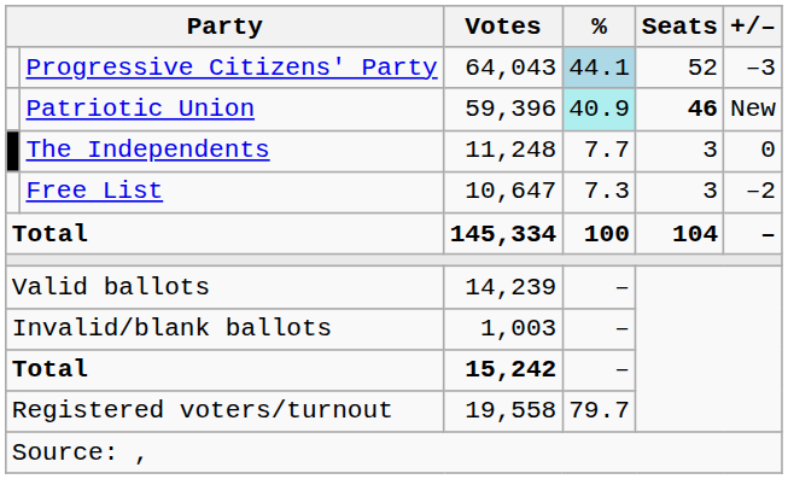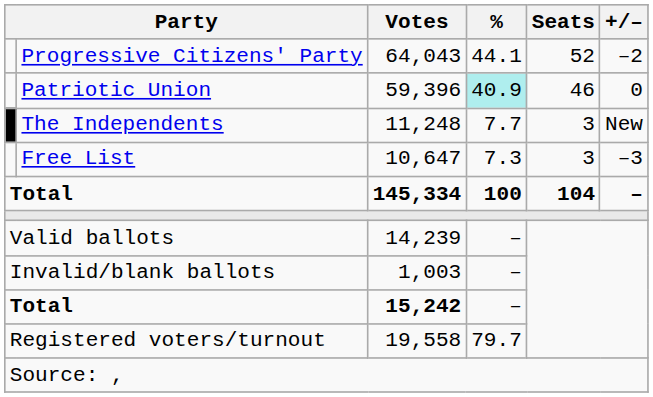 <table class="wikitable" style="text-align:right">
 <tr>
 <th colspan="2">Party</th>
 <th>Votes</th>
 <th>%</th>
 <th>Seats</th>
 <th>+/–</th>
 </tr>
 <tr>
 <td></td>
 <td align="left"><a href='#'>Progressive Citizens' Party</a></td>
 <td>64,043</td>
-<td style="background: lightblue;">44.1</td>
+<td>44.1</td>
 <td>52</td>
-<td>–3</td>
+<td>–2</td>
 </tr>
 <tr>
 <td></td>
 <td align="left"><a href='#'>Patriotic Union</a></td>
 <td>59,396</td>
 <td style="background: paleturquoise;">40.9</td>
-<td><strong>46</strong></td>
-<td>New</td>
+<td>46</td>
+<td>0</td>
 </tr>
 <tr>
 <td bgcolor="black" width="1"></td>
 <td align="left"><a href='#'>The Independents</a></td>
 <td>11,248</td>
 <td>7.7</td>
 <td>3</td>
-<td>0</td>
+<td>New</td>
 </tr>
 <tr>
 <td></td>
 <td align="left"><a href='#'>Free List</a></td>
 <td>10,647</td>
 <td>7.3</td>
 <td>3</td>
-<td>–2</td>
+<td>–3</td>
 </tr>
 <tr>
 <td colspan="2" align="left"><strong>Total</strong></td>
 <td><strong>145,334</strong></td>
 <td><strong>100</strong></td>
 <td><strong>104</strong></td>
 <td><strong>–</strong></td>
 </tr>
 <tr>
 <td colspan="6" style="color:inherit;background:#E9E9E9"></td>
 </tr>
 <tr>
 <td colspan="2" align="left">Valid ballots</td>
 <td>14,239</td>
 <td>–</td>
 <td colspan="2" rowspan="4"></td>
 </tr>
 <tr>
 <td colspan="2" align="left">Invalid/blank ballots</td>
 <td>1,003</td>
 <td>–</td>
 </tr>
 <tr>
 <td colspan="2" align="left"><strong>Total</strong></td>
 <td><strong>15,242</strong></td>
 <td>–</td>
 </tr>
 <tr>
 <td colspan="2" align="left">Registered voters/turnout</td>
 <td>19,558</td>
 <td>79.7</td>
 </tr>
 <tr>
 <td colspan="6" align="left">Source: , </td>
 </tr>
 </table>
